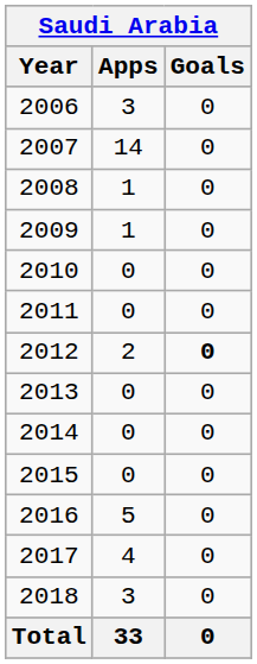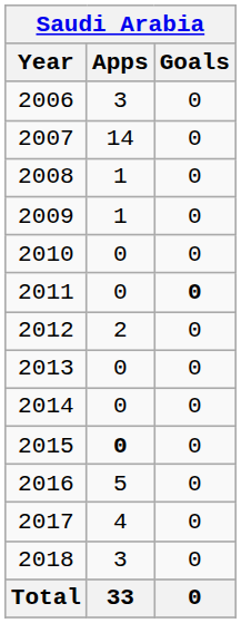 <table class="wikitable" style="text-align:center">
 <tr>
 <th colspan=3><a href='#'>Saudi Arabia</a></th>
 </tr>
 <tr>
 <th>Year</th>
 <th>Apps</th>
 <th>Goals</th>
 </tr>
 <tr>
 <td>2006</td>
 <td>3</td>
 <td>0</td>
 </tr>
 <tr>
 <td>2007</td>
 <td>14</td>
 <td>0</td>
 </tr>
 <tr>
 <td>2008</td>
 <td>1</td>
 <td>0</td>
 </tr>
 <tr>
 <td>2009</td>
 <td>1</td>
 <td>0</td>
 </tr>
 <tr>
 <td>2010</td>
 <td>0</td>
 <td>0</td>
 </tr>
 <tr>
 <td>2011</td>
 <td>0</td>
-<td>0</td>
+<td><strong>0</strong></td>
 </tr>
 <tr>
 <td>2012</td>
 <td>2</td>
-<td><strong>0</strong></td>
+<td>0</td>
 </tr>
 <tr>
 <td>2013</td>
 <td>0</td>
 <td>0</td>
 </tr>
 <tr>
 <td>2014</td>
 <td>0</td>
 <td>0</td>
 </tr>
 <tr>
 <td>2015</td>
-<td>0</td>
+<td><strong>0</strong></td>
 <td>0</td>
 </tr>
 <tr>
 <td>2016</td>
 <td>5</td>
 <td>0</td>
 </tr>
 <tr>
 <td>2017</td>
 <td>4</td>
 <td>0</td>
 </tr>
 <tr>
 <td>2018</td>
 <td>3</td>
 <td>0</td>
 </tr>
 <tr>
 <th>Total</th>
 <th>33</th>
 <th>0</th>
 </tr>
 </table>
